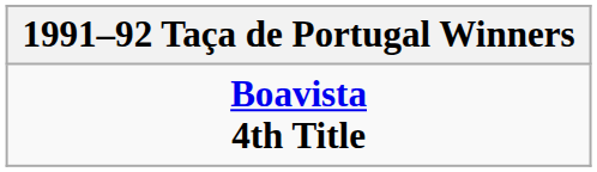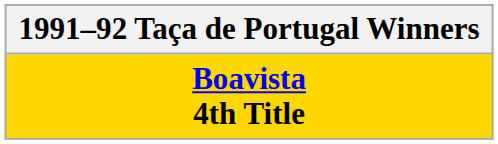 <table class="wikitable" style="text-align: center; margin: 0 auto; width: 20%">
 <tr>
 <th>1991–92 Taça de Portugal Winners</th>
 </tr>
 <tr>
-<td><strong><a href='#'>Boavista</a></strong><br><strong>4th Title</strong></td>
+<td style="background: gold;"><strong><a href='#'>Boavista</a></strong><br><strong>4th Title</strong></td>
 </tr>
 </table>
